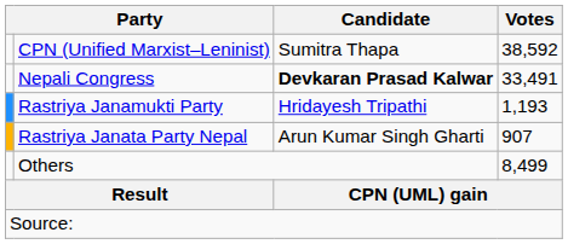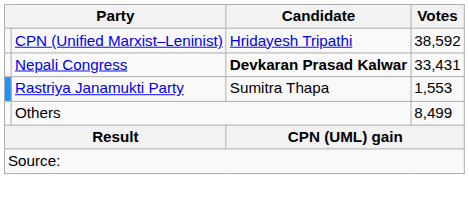 <table class="wikitable">
 <tr>
 <th colspan="2">Party</th>
 <th>Candidate</th>
 <th>Votes</th>
 </tr>
 <tr>
 <td style="background-color:"></td>
 <td><a href='#'>CPN (Unified Marxist–Leninist)</a></td>
-<td>Sumitra Thapa</td>
+<td><a href='#'>Hridayesh Tripathi</a></td>
 <td>38,592</td>
 </tr>
 <tr>
 <td style="background-color:"></td>
 <td><a href='#'>Nepali Congress</a></td>
 <td><strong>Devkaran Prasad Kalwar</strong></td>
-<td>33,491</td>
+<td>33,431</td>
 </tr>
 <tr>
 <td style="background-color:dodgerblue"></td>
 <td><a href='#'>Rastriya Janamukti Party</a></td>
-<td><a href='#'>Hridayesh Tripathi</a></td>
-<td>1,193</td>
-</tr>
-<tr>
-<td style="background-color:#FFb300"></td>
-<td><a href='#'>Rastriya Janata Party Nepal</a></td>
-<td>Arun Kumar Singh Gharti</td>
-<td>907</td>
+<td>Sumitra Thapa</td>
+<td>1,553</td>
 </tr>
 <tr>
 <td></td>
 <td colspan="2">Others</td>
 <td>8,499</td>
 </tr>
 <tr>
 <th colspan="2">Result</th>
 <th colspan="2">CPN (UML) gain</th>
 </tr>
 <tr>
 <td colspan="4">Source: </td>
 </tr>
 </table>
